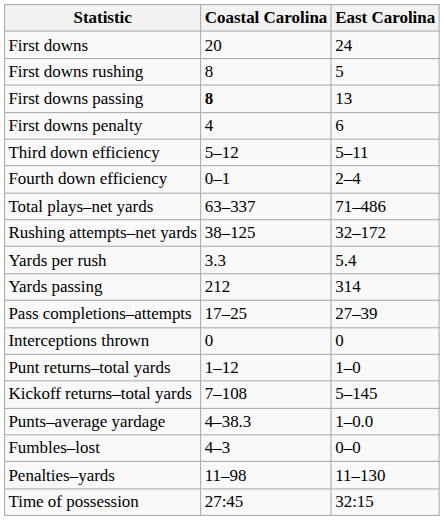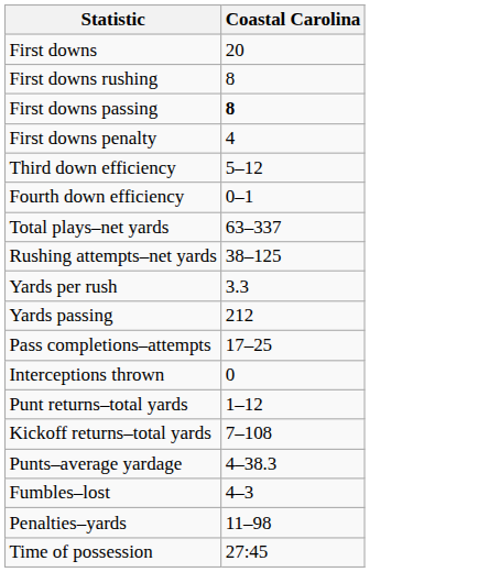 <table class="wikitable">
 <tr>
 <th>Statistic</th>
 <th><strong>Coastal Carolina</strong></th>
-<th><strong>East Carolina</strong></th>
 </tr>
 <tr>
 <td>First downs</td>
 <td>20</td>
-<td>24</td>
 </tr>
 <tr>
 <td>First downs rushing</td>
 <td>8</td>
-<td>5</td>
 </tr>
 <tr>
 <td>First downs passing</td>
 <td><strong>8</strong></td>
-<td>13</td>
 </tr>
 <tr>
 <td>First downs penalty</td>
 <td>4</td>
-<td>6</td>
 </tr>
 <tr>
 <td>Third down efficiency</td>
 <td>5–12</td>
-<td>5–11</td>
 </tr>
 <tr>
 <td>Fourth down efficiency</td>
 <td>0–1</td>
-<td>2–4</td>
 </tr>
 <tr>
 <td>Total plays–net yards</td>
 <td>63–337</td>
-<td>71–486</td>
 </tr>
 <tr>
 <td>Rushing attempts–net yards</td>
 <td>38–125</td>
-<td>32–172</td>
 </tr>
 <tr>
 <td>Yards per rush</td>
 <td>3.3</td>
-<td>5.4</td>
 </tr>
 <tr>
 <td>Yards passing</td>
 <td>212</td>
-<td>314</td>
 </tr>
 <tr>
 <td>Pass completions–attempts</td>
 <td>17–25</td>
-<td>27–39</td>
 </tr>
 <tr>
 <td>Interceptions thrown</td>
-<td>0</td>
 <td>0</td>
 </tr>
 <tr>
 <td>Punt returns–total yards</td>
 <td>1–12</td>
-<td>1–0</td>
 </tr>
 <tr>
 <td>Kickoff returns–total yards</td>
 <td>7–108</td>
-<td>5–145</td>
 </tr>
 <tr>
 <td>Punts–average yardage</td>
 <td>4–38.3</td>
-<td>1–0.0</td>
 </tr>
 <tr>
 <td>Fumbles–lost</td>
 <td>4–3</td>
-<td>0–0</td>
 </tr>
 <tr>
 <td>Penalties–yards</td>
 <td>11–98</td>
-<td>11–130</td>
 </tr>
 <tr>
 <td>Time of possession</td>
 <td>27:45</td>
-<td>32:15</td>
 </tr>
 </table>
